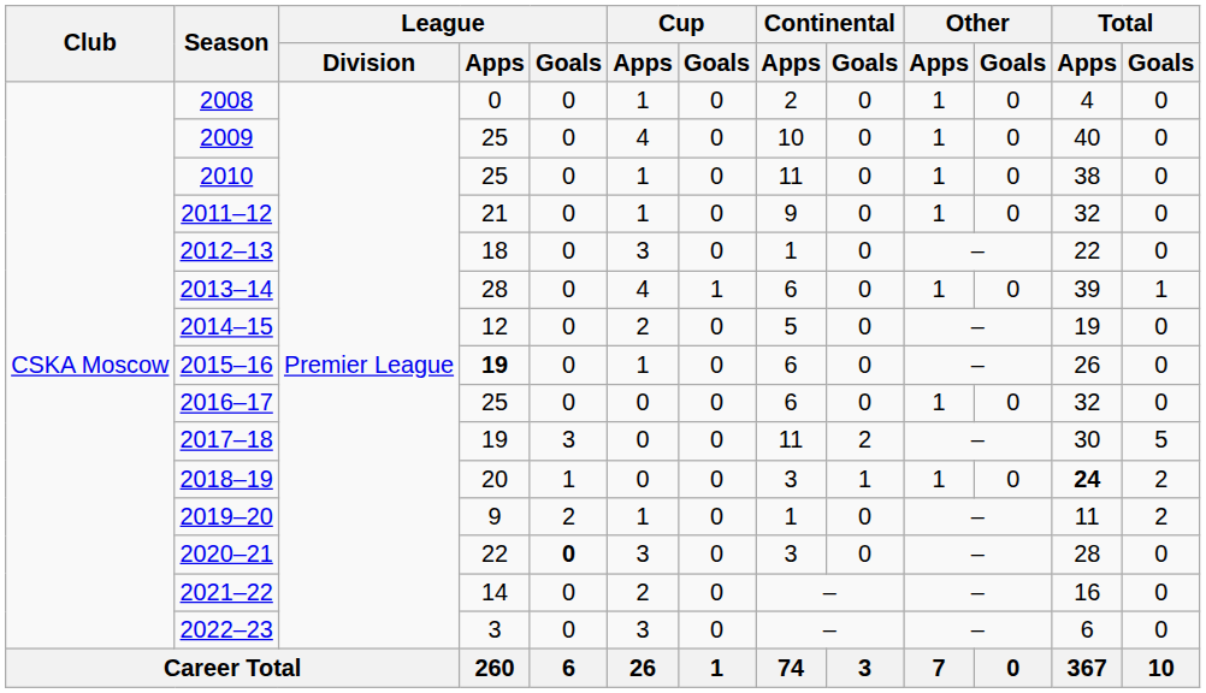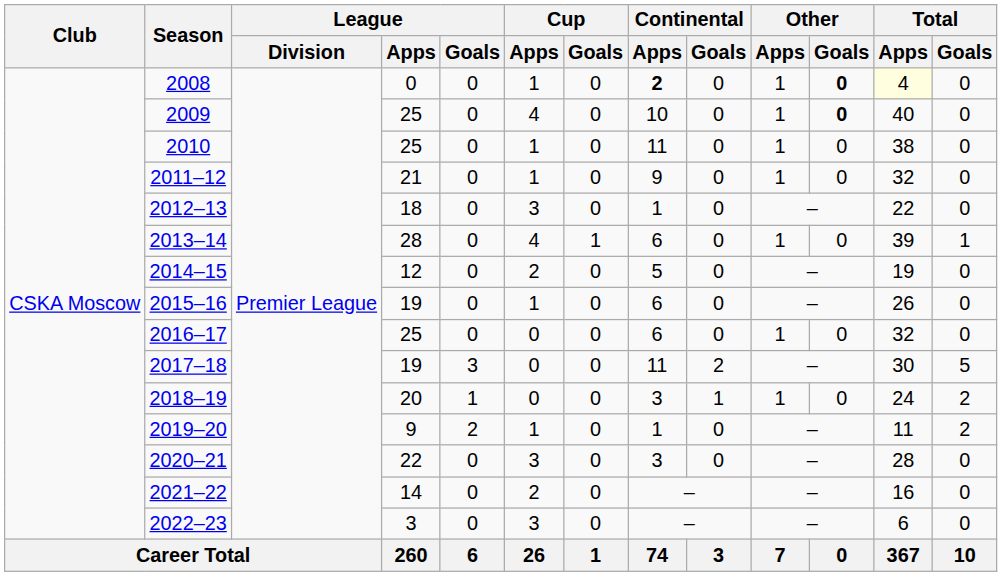 <table class="wikitable" style="text-align: center;">
 <tr>
 <th rowspan=2>Club</th>
 <th rowspan=2>Season</th>
 <th colspan=3>League</th>
 <th colspan=2>Cup</th>
 <th colspan=2>Continental</th>
 <th colspan=2>Other</th>
 <th colspan=2>Total</th>
 </tr>
 <tr>
 <th>Division</th>
 <th>Apps</th>
 <th>Goals</th>
 <th>Apps</th>
 <th>Goals</th>
 <th>Apps</th>
 <th>Goals</th>
 <th>Apps</th>
 <th>Goals</th>
 <th>Apps</th>
 <th>Goals</th>
 </tr>
 <tr>
 <td rowspan=15><a href='#'>CSKA Moscow</a></td>
 <td><a href='#'>2008</a></td>
 <td rowspan=15><a href='#'>Premier League</a></td>
 <td>0</td>
 <td>0</td>
 <td>1</td>
 <td>0</td>
-<td>2</td>
+<td><strong>2</strong></td>
 <td>0</td>
 <td>1</td>
-<td>0</td>
-<td>4</td>
+<td><strong>0</strong></td>
+<td style="background: lightyellow;">4</td>
 <td>0</td>
 </tr>
 <tr>
 <td><a href='#'>2009</a></td>
 <td>25</td>
 <td>0</td>
 <td>4</td>
 <td>0</td>
 <td>10</td>
 <td>0</td>
 <td>1</td>
-<td>0</td>
+<td><strong>0</strong></td>
 <td>40</td>
 <td>0</td>
 </tr>
 <tr>
 <td><a href='#'>2010</a></td>
 <td>25</td>
 <td>0</td>
 <td>1</td>
 <td>0</td>
 <td>11</td>
 <td>0</td>
 <td>1</td>
 <td>0</td>
 <td>38</td>
 <td>0</td>
 </tr>
 <tr>
 <td><a href='#'>2011–12</a></td>
 <td>21</td>
 <td>0</td>
 <td>1</td>
 <td>0</td>
 <td>9</td>
 <td>0</td>
 <td>1</td>
 <td>0</td>
 <td>32</td>
 <td>0</td>
 </tr>
 <tr>
 <td><a href='#'>2012–13</a></td>
 <td>18</td>
 <td>0</td>
 <td>3</td>
 <td>0</td>
 <td>1</td>
 <td>0</td>
 <td colspan=2>–</td>
 <td>22</td>
 <td>0</td>
 </tr>
 <tr>
 <td><a href='#'>2013–14</a></td>
 <td>28</td>
 <td>0</td>
 <td>4</td>
 <td>1</td>
 <td>6</td>
 <td>0</td>
 <td>1</td>
 <td>0</td>
 <td>39</td>
 <td>1</td>
 </tr>
 <tr>
 <td><a href='#'>2014–15</a></td>
 <td>12</td>
 <td>0</td>
 <td>2</td>
 <td>0</td>
 <td>5</td>
 <td>0</td>
 <td colspan=2>–</td>
 <td>19</td>
 <td>0</td>
 </tr>
 <tr>
 <td><a href='#'>2015–16</a></td>
-<td><strong>19</strong></td>
+<td>19</td>
 <td>0</td>
 <td>1</td>
 <td>0</td>
 <td>6</td>
 <td>0</td>
 <td colspan=2>–</td>
 <td>26</td>
 <td>0</td>
 </tr>
 <tr>
 <td><a href='#'>2016–17</a></td>
 <td>25</td>
 <td>0</td>
 <td>0</td>
 <td>0</td>
 <td>6</td>
 <td>0</td>
 <td>1</td>
 <td>0</td>
 <td>32</td>
 <td>0</td>
 </tr>
 <tr>
 <td><a href='#'>2017–18</a></td>
 <td>19</td>
 <td>3</td>
 <td>0</td>
 <td>0</td>
 <td>11</td>
 <td>2</td>
 <td colspan=2>–</td>
 <td>30</td>
 <td>5</td>
 </tr>
 <tr>
 <td><a href='#'>2018–19</a></td>
 <td>20</td>
 <td>1</td>
 <td>0</td>
 <td>0</td>
 <td>3</td>
 <td>1</td>
 <td>1</td>
 <td>0</td>
-<td><strong>24</strong></td>
+<td>24</td>
 <td>2</td>
 </tr>
 <tr>
 <td><a href='#'>2019–20</a></td>
 <td>9</td>
 <td>2</td>
 <td>1</td>
 <td>0</td>
 <td>1</td>
 <td>0</td>
 <td colspan=2>–</td>
 <td>11</td>
 <td>2</td>
 </tr>
 <tr>
 <td><a href='#'>2020–21</a></td>
 <td>22</td>
-<td><strong>0</strong></td>
+<td>0</td>
 <td>3</td>
 <td>0</td>
 <td>3</td>
 <td>0</td>
 <td colspan=2>–</td>
 <td>28</td>
 <td>0</td>
 </tr>
 <tr>
 <td><a href='#'>2021–22</a></td>
 <td>14</td>
 <td>0</td>
 <td>2</td>
 <td>0</td>
 <td colspan=2>–</td>
 <td colspan=2>–</td>
 <td>16</td>
 <td>0</td>
 </tr>
 <tr>
 <td><a href='#'>2022–23</a></td>
 <td>3</td>
 <td>0</td>
 <td>3</td>
 <td>0</td>
 <td colspan=2>–</td>
 <td colspan=2>–</td>
 <td>6</td>
 <td>0</td>
 </tr>
 <tr>
 <th colspan=3>Career Total</th>
 <th>260</th>
 <th>6</th>
 <th>26</th>
 <th>1</th>
 <th>74</th>
 <th>3</th>
 <th>7</th>
 <th>0</th>
 <th>367</th>
 <th>10</th>
 </tr>
 </table>
